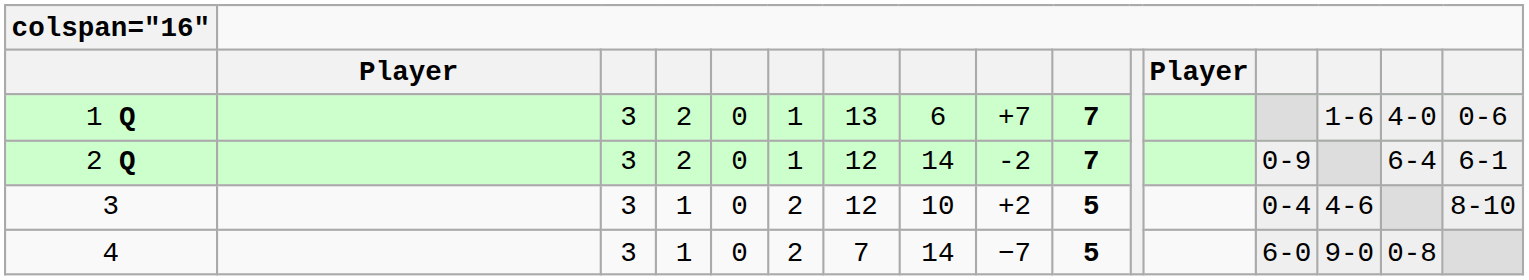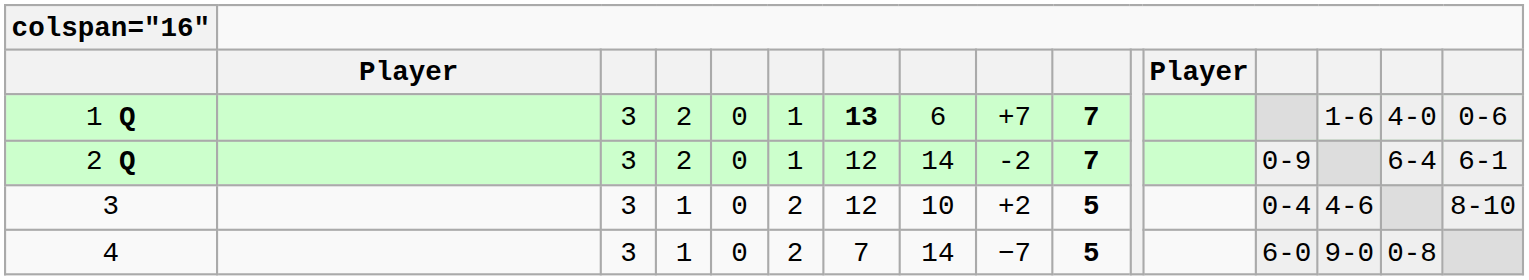 <table class=wikitable style=text-align:center>
 <tr>
 <th>colspan="16" </th>
 </tr>
 <tr>
 <th width=20 abbr=Position></th>
 <th width=175>Player</th>
 <th width=20 abbr=Played></th>
 <th width=20 abbr=Won></th>
 <th width=20 abbr=Drawn></th>
 <th width=20 abbr=Lost></th>
 <th width=30 abbr=Points for></th>
 <th width=30 abbr=Points against></th>
 <th width=30 abbr=Points difference></th>
 <th width=30 abbr=Points></th>
 <th rowspan="5" abbr=H2H></th>
 <th>Player</th>
 <th></th>
 <th></th>
 <th></th>
 <th></th>
 </tr>
 <tr bgcolor=#CCFFCC>
 <td>1 <strong>Q</strong></td>
 <td align=left><strong></strong></td>
 <td>3</td>
 <td>2</td>
 <td>0</td>
 <td>1</td>
-<td>13</td>
+<td><strong>13</strong></td>
 <td>6</td>
 <td>+7</td>
 <td><strong>7</strong></td>
 <td></td>
 <td bgcolor="#dddddd"> </td>
 <td bgcolor="#efefef">1-6</td>
 <td bgcolor="#efefef">4-0</td>
 <td bgcolor="#efefef">0-6</td>
 </tr>
 <tr bgcolor=#CCFFCC>
 <td>2 <strong>Q</strong> </td>
 <td align=left><strong></strong></td>
 <td>3</td>
 <td>2</td>
 <td>0</td>
 <td>1</td>
 <td>12</td>
 <td>14</td>
 <td>-2</td>
 <td><strong>7</strong></td>
 <td></td>
 <td bgcolor="#efefef">0-9</td>
 <td bgcolor="#dddddd"> </td>
 <td bgcolor="#efefef">6-4</td>
 <td bgcolor="#efefef">6-1</td>
 </tr>
 <tr>
 <td>3 </td>
 <td align=left></td>
 <td>3</td>
 <td>1</td>
 <td>0</td>
 <td>2</td>
 <td>12</td>
 <td>10</td>
 <td>+2</td>
 <td><strong>5</strong></td>
 <td></td>
 <td bgcolor="#efefef">0-4</td>
 <td bgcolor="#efefef">4-6</td>
 <td bgcolor="#dddddd"> </td>
 <td bgcolor="#efefef">8-10</td>
 </tr>
 <tr>
 <td>4 </td>
 <td align=left></td>
 <td>3</td>
 <td>1</td>
 <td>0</td>
 <td>2</td>
 <td>7</td>
 <td>14</td>
 <td>−7</td>
 <td><strong>5</strong></td>
 <td></td>
 <td bgcolor="#efefef">6-0</td>
 <td bgcolor="#efefef">9-0</td>
 <td bgcolor="#efefef">0-8</td>
 <td bgcolor="#dddddd"> </td>
 </tr>
 </table>
